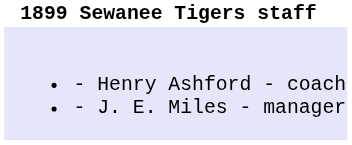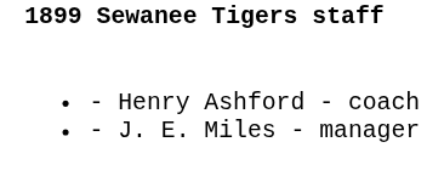 <table class="toccolours" style="border-collapse:collapse; font-size:90%;">
 <tr>
 <th colspan=9>1899 Sewanee Tigers staff</th>
 </tr>
 <tr>
 <td width="03"> </td>
-<td valign="top" style="background: lavender;"><br><ul><li>- Henry Ashford - coach</li><li>- J. E. Miles - manager</li></ul></td>
+<td valign="top"><br><ul><li>- Henry Ashford - coach</li><li>- J. E. Miles - manager</li></ul></td>
 </tr>
 </table>
